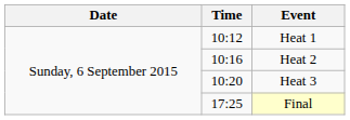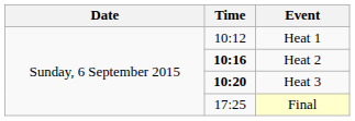 <table class = "wikitable" style="text-align:center;">
 <tr>
 <th width=220>Date</th>
 <th width=50>Time</th>
 <th width=100>Event</th>
 </tr>
 <tr>
 <td rowspan=4>Sunday, 6 September 2015</td>
 <td>10:12</td>
 <td>Heat 1</td>
 </tr>
 <tr>
-<td>10:16</td>
+<td><strong>10:16</strong></td>
 <td>Heat 2</td>
 </tr>
 <tr>
-<td>10:20</td>
+<td><strong>10:20</strong></td>
 <td>Heat 3</td>
 </tr>
 <tr>
 <td>17:25</td>
 <td bgcolor=ffffcc>Final</td>
 </tr>
 </table>
